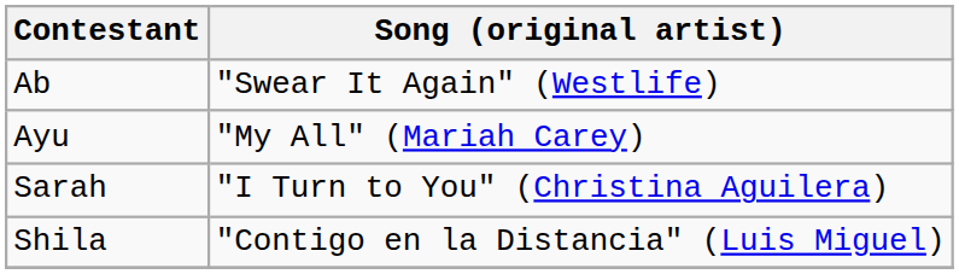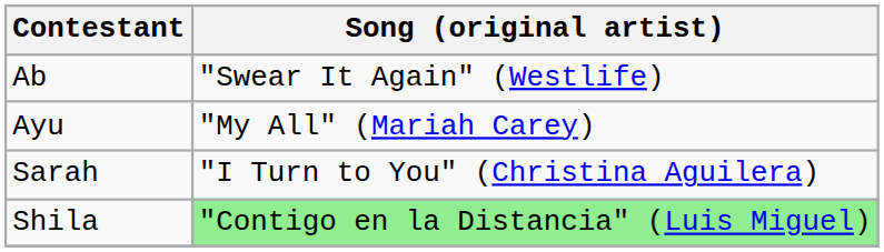 <table class="wikitable" style="font-size:90%;">
 <tr>
 <th>Contestant</th>
 <th>Song (original artist)</th>
 </tr>
 <tr>
 <td>Ab</td>
 <td>"Swear It Again" (<a href='#'>Westlife</a>)</td>
 </tr>
 <tr>
 <td>Ayu</td>
 <td>"My All" (<a href='#'>Mariah Carey</a>)</td>
 </tr>
 <tr>
 <td>Sarah</td>
 <td>"I Turn to You" (<a href='#'>Christina Aguilera</a>)</td>
 </tr>
 <tr>
 <td>Shila</td>
-<td>"Contigo en la Distancia" (<a href='#'>Luis Miguel</a>)</td>
+<td style="background: lightgreen;">"Contigo en la Distancia" (<a href='#'>Luis Miguel</a>)</td>
 </tr>
 <tr>
 </tr>
 </table>
